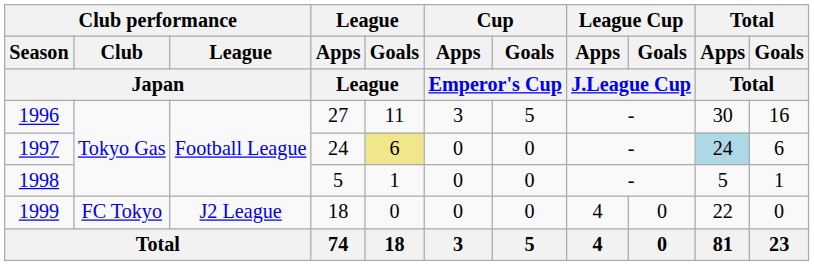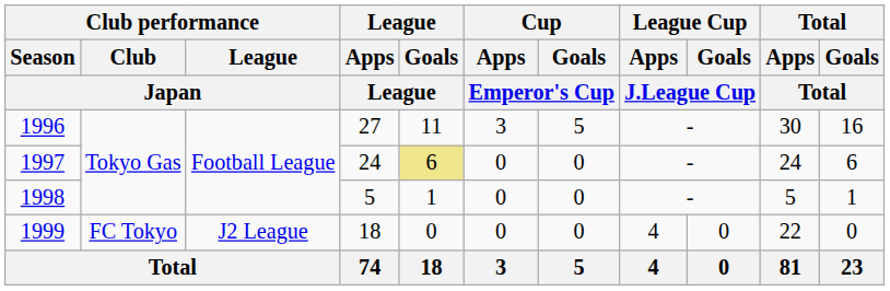 <table class="wikitable" style="text-align:center;">
 <tr>
 <th colspan=3>Club performance</th>
 <th colspan=2>League</th>
 <th colspan=2>Cup</th>
 <th colspan=2>League Cup</th>
 <th colspan=2>Total</th>
 </tr>
 <tr>
 <th>Season</th>
 <th>Club</th>
 <th>League</th>
 <th>Apps</th>
 <th>Goals</th>
 <th>Apps</th>
 <th>Goals</th>
 <th>Apps</th>
 <th>Goals</th>
 <th>Apps</th>
 <th>Goals</th>
 </tr>
 <tr>
 <th colspan=3>Japan</th>
 <th colspan=2>League</th>
 <th colspan=2><a href='#'>Emperor's Cup</a></th>
 <th colspan=2><a href='#'>J.League Cup</a></th>
 <th colspan=2>Total</th>
 </tr>
 <tr>
 <td><a href='#'>1996</a></td>
 <td rowspan="3"><a href='#'>Tokyo Gas</a></td>
 <td rowspan="3"><a href='#'>Football League</a></td>
 <td>27</td>
 <td>11</td>
 <td>3</td>
 <td>5</td>
 <td colspan="2">-</td>
 <td>30</td>
 <td>16</td>
 </tr>
 <tr>
 <td><a href='#'>1997</a></td>
 <td>24</td>
 <td style="background: khaki;">6</td>
 <td>0</td>
 <td>0</td>
 <td colspan="2">-</td>
-<td style="background: lightblue;">24</td>
+<td>24</td>
 <td>6</td>
 </tr>
 <tr>
 <td><a href='#'>1998</a></td>
 <td>5</td>
 <td>1</td>
 <td>0</td>
 <td>0</td>
 <td colspan="2">-</td>
 <td>5</td>
 <td>1</td>
 </tr>
 <tr>
 <td><a href='#'>1999</a></td>
 <td><a href='#'>FC Tokyo</a></td>
 <td><a href='#'>J2 League</a></td>
 <td>18</td>
 <td>0</td>
 <td>0</td>
 <td>0</td>
 <td>4</td>
 <td>0</td>
 <td>22</td>
 <td>0</td>
 </tr>
 <tr>
 <th colspan=3>Total</th>
 <th>74</th>
 <th>18</th>
 <th>3</th>
 <th>5</th>
 <th>4</th>
 <th>0</th>
 <th>81</th>
 <th>23</th>
 </tr>
 </table>
